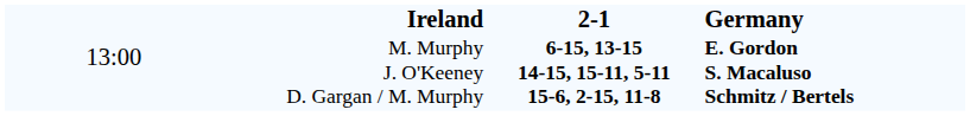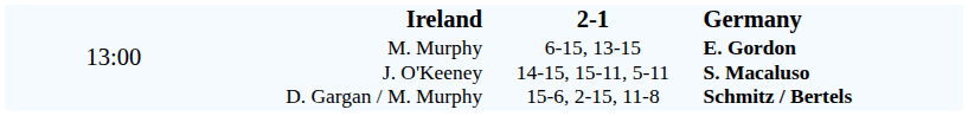 <table style="width: 50%; background:#F5FAFF;" cellspacing="0">
 <tr>
 <td align=center rowspan=3 width=20%>13:00</td>
 </tr>
 <tr>
 <td width=24% align=right><strong>Ireland</strong></td>
 <td align=center width=20%><strong>2-1</strong></td>
 <td width=24%><strong>Germany</strong></td>
 </tr>
 <tr style=font-size:85%>
 <td align=right valign=top>M. Murphy<br>J. O'Keeney<br>D. Gargan / M. Murphy</td>
-<td align=center><strong>6-15, 13-15<br>14-15, 15-11, 5-11<br>15-6, 2-15, 11-8</strong></td>
+<td align=center>6-15, 13-15<br>14-15, 15-11, 5-11<br>15-6, 2-15, 11-8</td>
 <td valign=top><strong>E. Gordon<br>S. Macaluso<br>Schmitz / Bertels</strong></td>
 </tr>
 </table>
